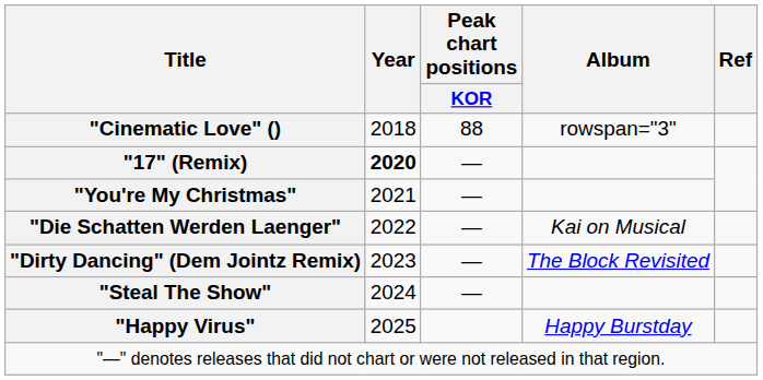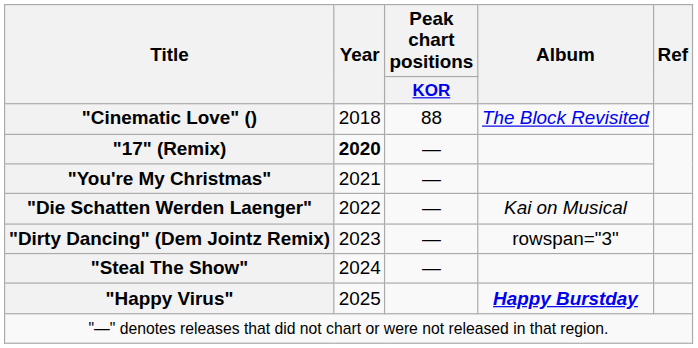 <table class="wikitable plainrowheaders" style="text-align:center">
 <tr>
 <th rowspan="2" scope="col">Title</th>
 <th rowspan="2" scope="col">Year</th>
 <th scope="col">Peak chart positions</th>
 <th rowspan="2" scope="col">Album</th>
 <th rowspan="2">Ref</th>
 </tr>
 <tr>
 <th colspan="1" scope="col" style="width:2.5em;font-size:90%"><a href='#'>KOR</a><br></th>
 </tr>
 <tr>
 <th scope="row">"Cinematic Love" ()<br></th>
 <td>2018</td>
 <td>88</td>
-<td>rowspan="3" </td>
+<td><em><a href='#'>The Block Revisited</a></em></td>
 <td></td>
 </tr>
 <tr>
 <th scope="row">"17" (Remix) <br></th>
 <td><strong>2020</strong></td>
 <td>—</td>
 <td></td>
 </tr>
 <tr>
 <th scope="row">"You're My Christmas"</th>
 <td>2021</td>
 <td>—</td>
 <td></td>
 </tr>
 <tr>
 <th scope="row">"Die Schatten Werden Laenger" <br></th>
 <td>2022</td>
 <td>—</td>
 <td><em>Kai on Musical</em></td>
 <td></td>
 </tr>
 <tr>
 <th scope="row">"Dirty Dancing" (Dem Jointz Remix) <br></th>
 <td>2023</td>
 <td>—</td>
-<td><em><a href='#'>The Block Revisited</a></em></td>
+<td>rowspan="3" </td>
 <td></td>
 </tr>
 <tr>
 <th scope="row">"Steal The Show"</th>
 <td>2024</td>
 <td>—</td>
 <td></td>
 <td></td>
 </tr>
 <tr>
 <th scope="row">"Happy Virus"</th>
 <td>2025</td>
 <td></td>
-<td><em><a href='#'>Happy Burstday</a></em></td>
+<td><strong><em><a href='#'>Happy Burstday</a></em></strong></td>
 <td></td>
 </tr>
 <tr>
 <td colspan="5"><small>"—" denotes releases that did not chart or were not released in that region.</small></td>
 </tr>
 </table>
